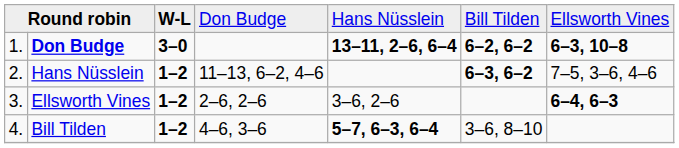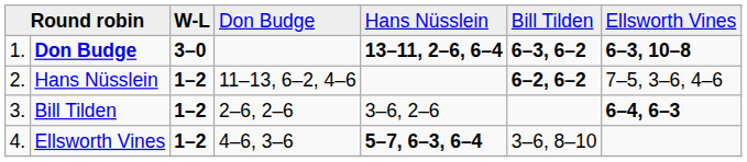 <table class="wikitable" style="font-size:90%;">
 <tr bgcolor="#eeeeee">
 <td colspan="2" align="center"><strong>Round robin</strong></td>
 <td><strong>W-L</strong></td>
 <td> <a href='#'>Don Budge</a></td>
 <td> <a href='#'>Hans Nüsslein</a></td>
 <td> <a href='#'>Bill Tilden</a></td>
 <td> <a href='#'>Ellsworth Vines</a></td>
 </tr>
 <tr>
 <td>1.</td>
 <td><strong> <a href='#'>Don Budge</a></strong></td>
 <td><strong>3–0</strong></td>
 <td></td>
 <td><strong>13–11, 2–6, 6–4</strong></td>
-<td><strong>6–2, 6–2</strong></td>
+<td><strong>6–3, 6–2</strong></td>
 <td><strong>6–3, 10–8</strong></td>
 </tr>
 <tr>
 <td>2.</td>
 <td> <a href='#'>Hans Nüsslein</a></td>
 <td><strong>1–2</strong></td>
 <td>11–13, 6–2, 4–6</td>
 <td></td>
-<td><strong>6–3, 6–2</strong></td>
+<td><strong>6–2, 6–2</strong></td>
 <td>7–5, 3–6, 4–6</td>
 </tr>
 <tr>
 <td>3.</td>
-<td> <a href='#'>Ellsworth Vines</a></td>
+<td> <a href='#'>Bill Tilden</a></td>
 <td><strong>1–2</strong></td>
 <td>2–6, 2–6</td>
 <td>3–6, 2–6</td>
 <td></td>
 <td><strong>6–4, 6–3</strong></td>
 </tr>
 <tr>
 <td>4.</td>
-<td> <a href='#'>Bill Tilden</a></td>
+<td> <a href='#'>Ellsworth Vines</a></td>
 <td><strong>1–2</strong></td>
 <td>4–6, 3–6</td>
 <td><strong>5–7, 6–3, 6–4</strong></td>
 <td>3–6, 8–10</td>
 <td></td>
 </tr>
 <tr>
 </tr>
 </table>
